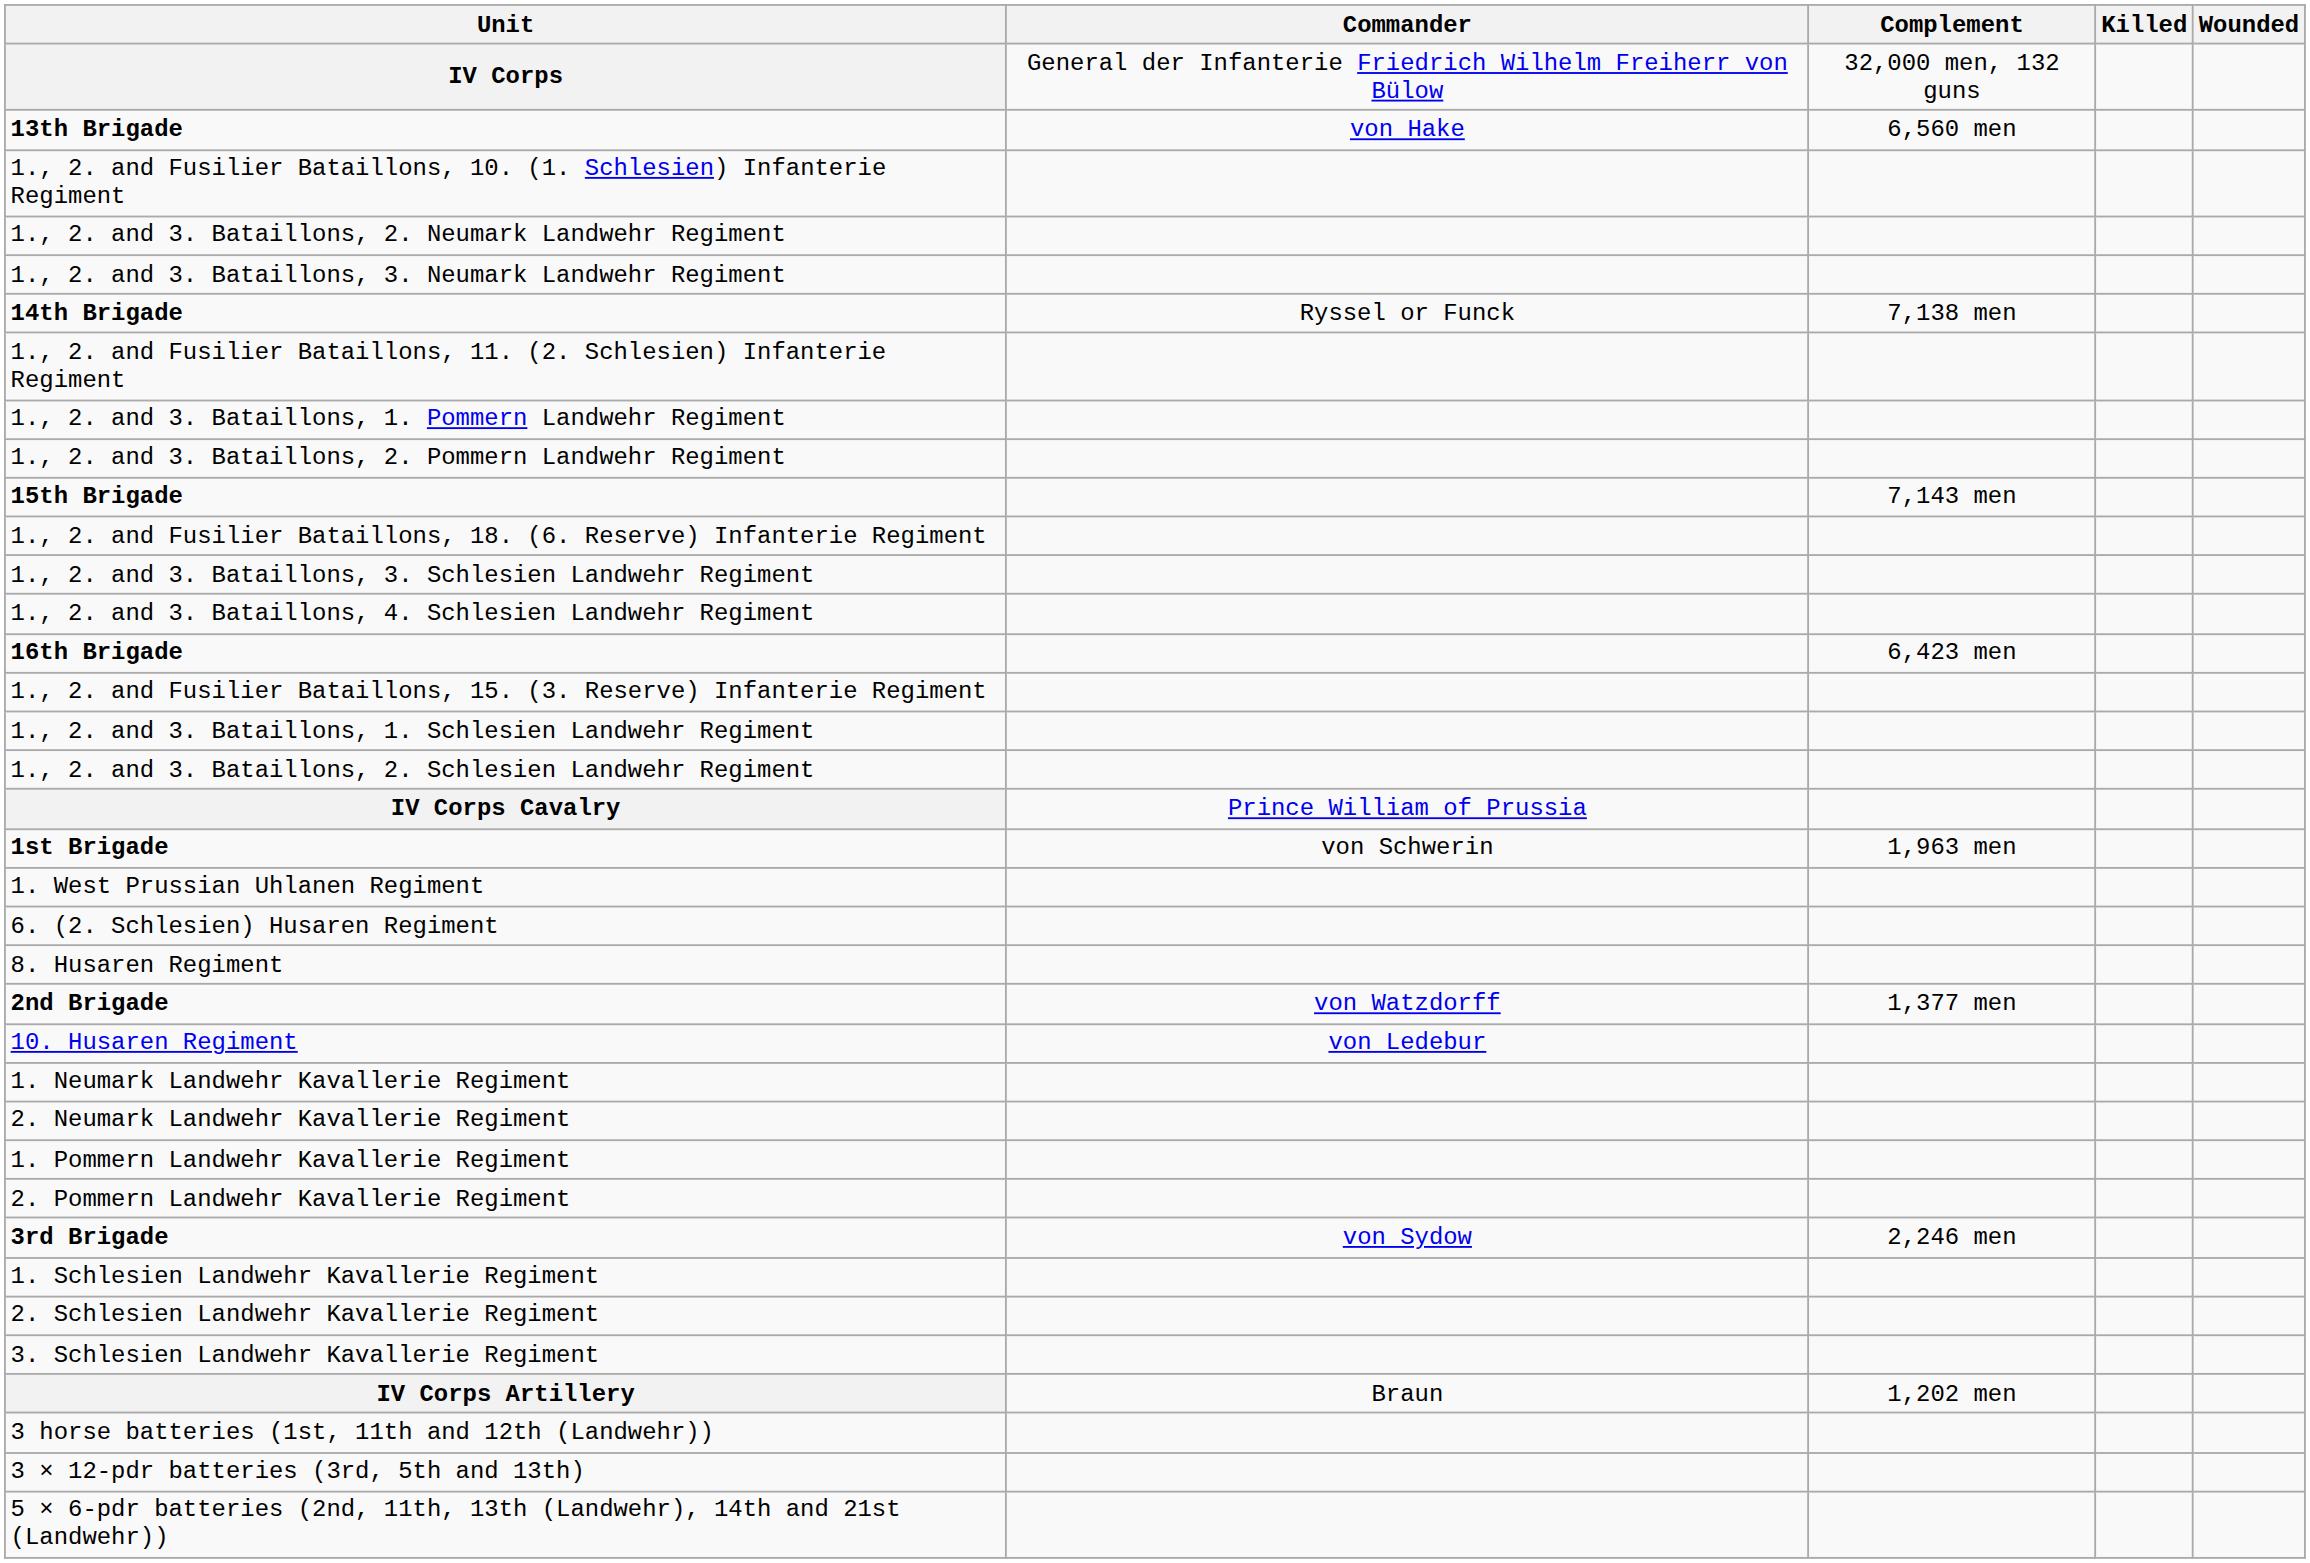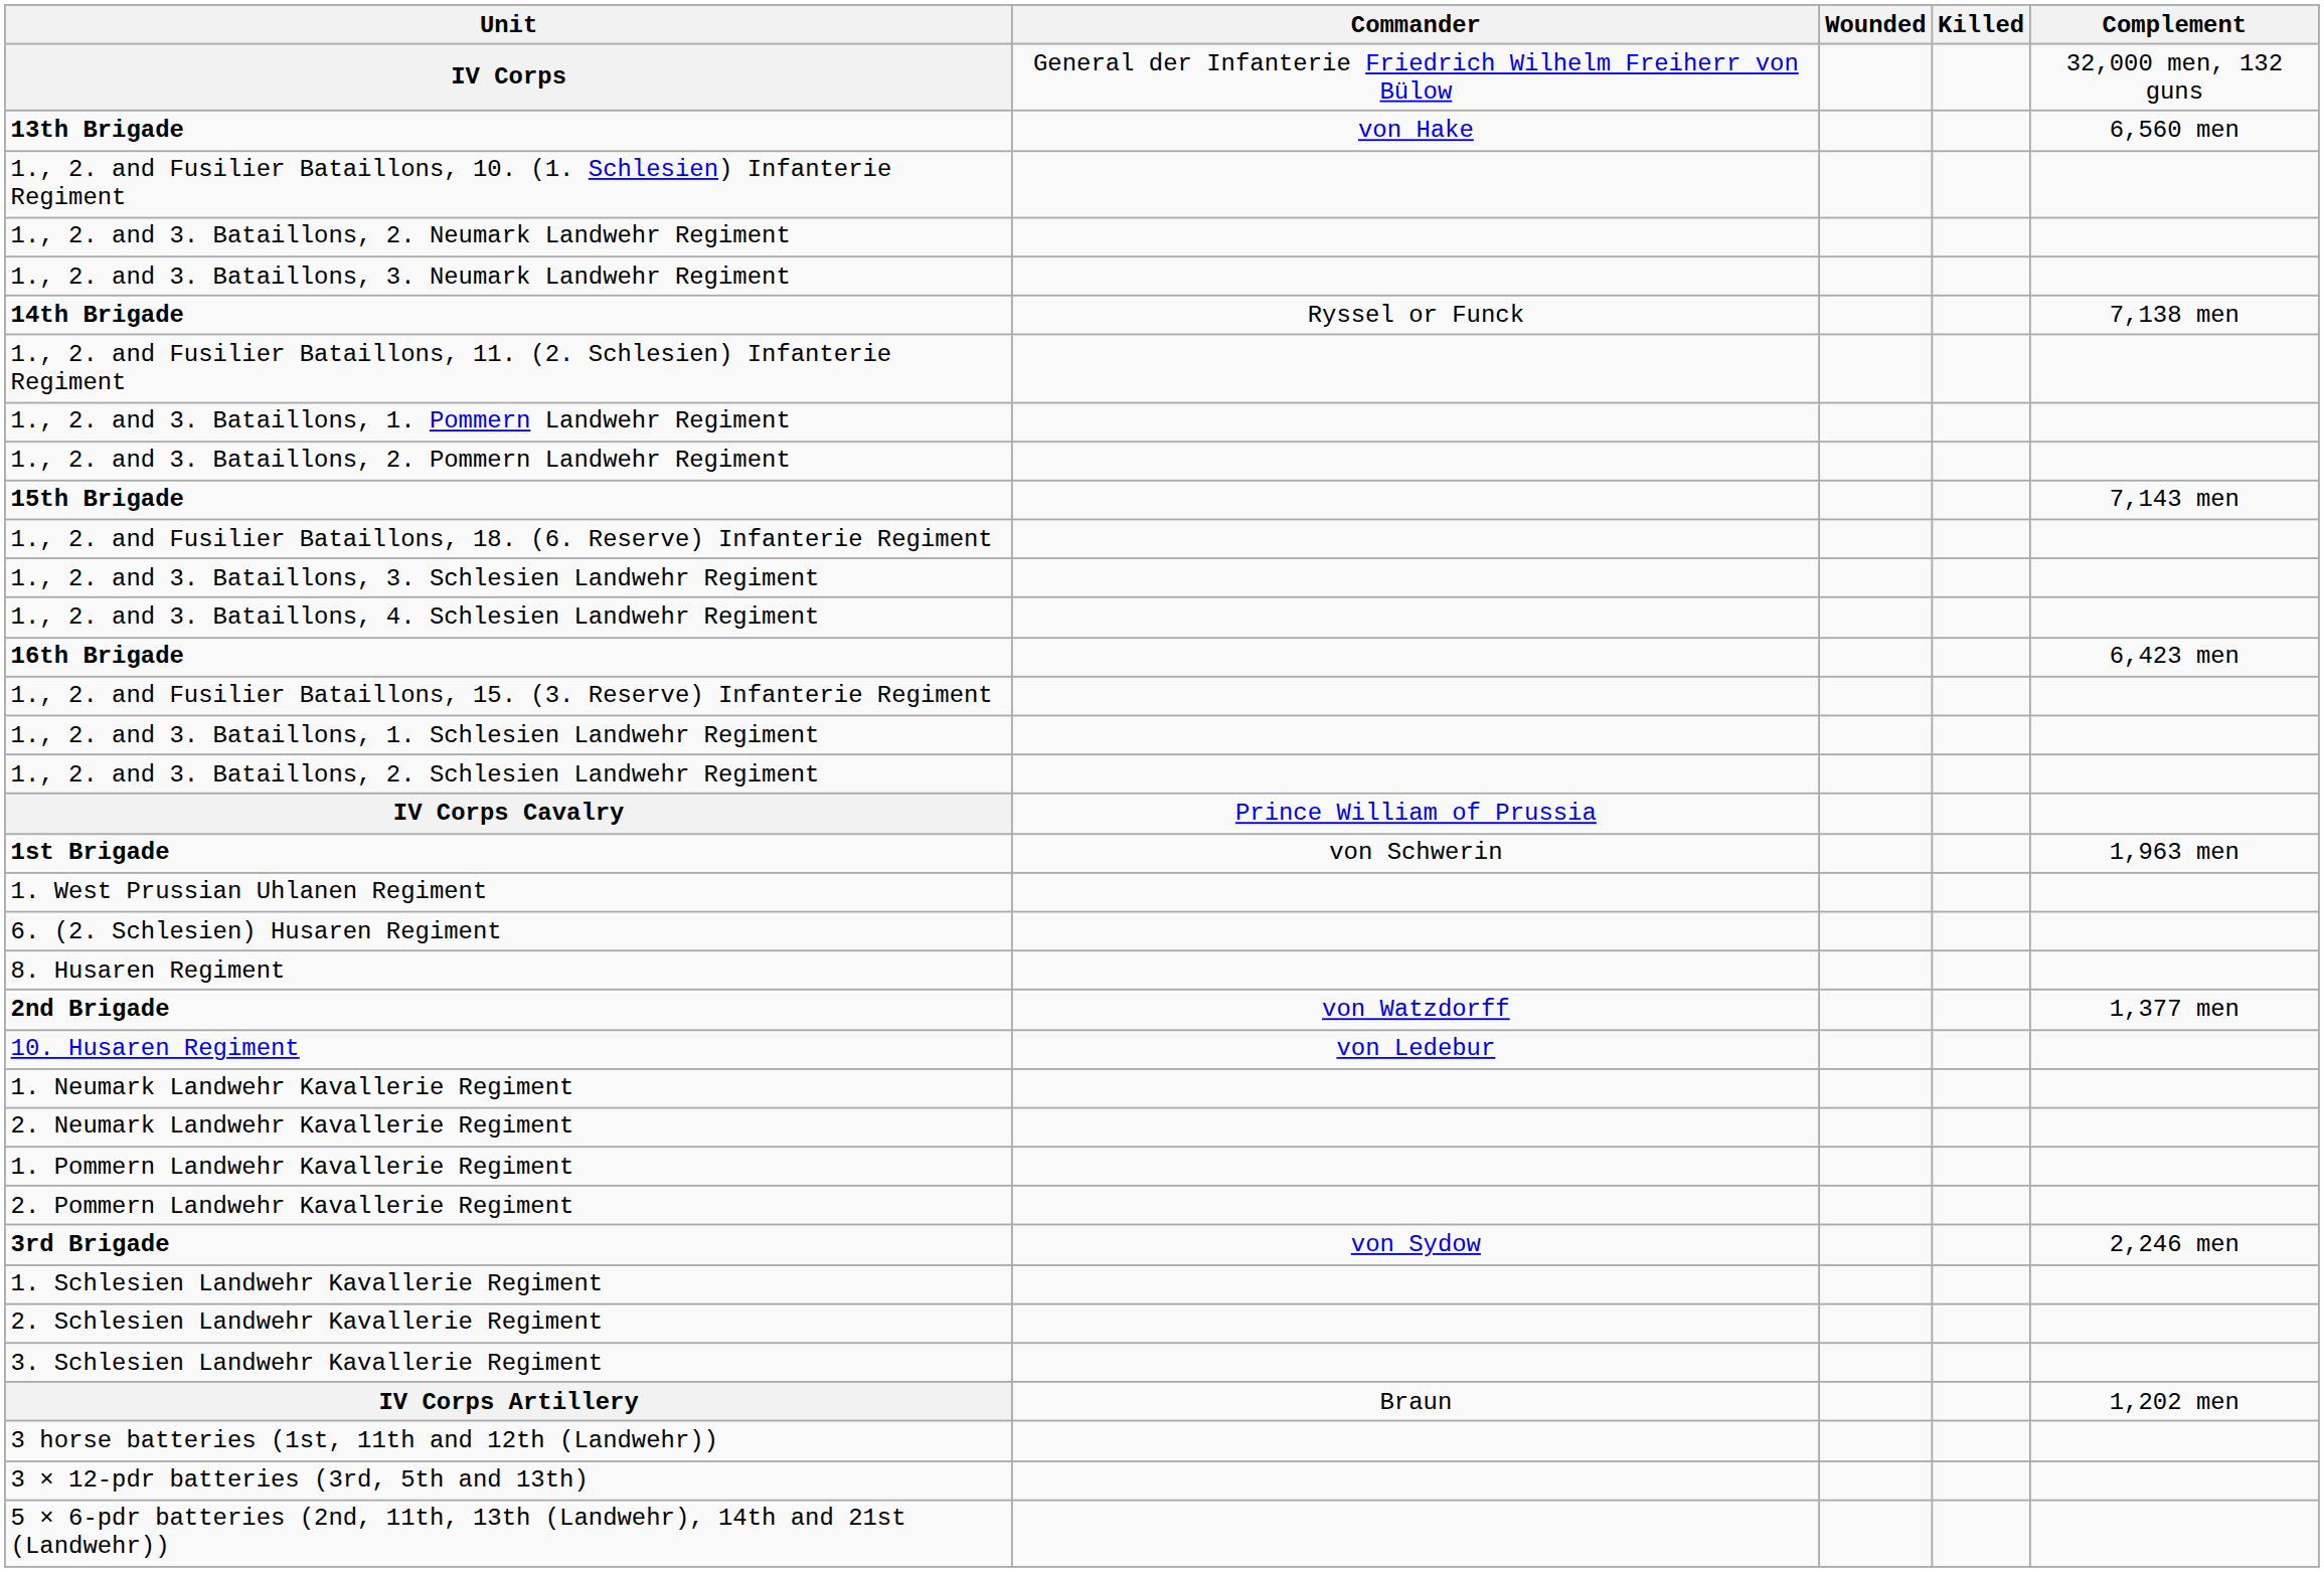 <table class="wikitable">
 <tr>
 <th>Unit</th>
 <th>Commander</th>
+<th>Wounded</th>
+<th>Killed</th>
 <th>Complement</th>
-<th>Killed</th>
-<th>Wounded</th>
 </tr>
 <tr>
 <th colspan="1" bgcolor="#f9f9f9;">IV Corps</th>
 <td align="center">General der Infanterie <a href='#'>Friedrich Wilhelm Freiherr von Bülow</a></td>
-<td align="center">32,000 men, 132 guns</td>
 <td align="center"></td>
 <td align="center"></td>
+<td align="center">32,000 men, 132 guns</td>
 </tr>
 <tr>
 <td><strong>13th Brigade</strong></td>
 <td align="center"><a href='#'>von Hake</a></td>
-<td align="center">6,560 men</td>
 <td align="center"></td>
 <td align="center"></td>
+<td align="center">6,560 men</td>
 </tr>
 <tr>
 <td>1., 2. and Fusilier Bataillons, 10. (1. <a href='#'>Schlesien</a>) Infanterie Regiment</td>
 <td align="center"></td>
 <td align="center"></td>
 <td align="center"></td>
 <td align="center"></td>
 </tr>
 <tr>
 <td>1., 2. and 3. Bataillons, 2. Neumark Landwehr Regiment</td>
 <td align="center"></td>
 <td align="center"></td>
 <td align="center"></td>
 <td align="center"></td>
 </tr>
 <tr>
 <td>1., 2. and 3. Bataillons, 3. Neumark Landwehr Regiment</td>
 <td align="center"></td>
 <td align="center"></td>
 <td align="center"></td>
 <td align="center"></td>
 </tr>
 <tr>
 <td><strong>14th Brigade</strong></td>
 <td align="center">Ryssel or Funck</td>
-<td align="center">7,138 men</td>
 <td align="center"></td>
 <td align="center"></td>
+<td align="center">7,138 men</td>
 </tr>
 <tr>
 <td>1., 2. and Fusilier Bataillons, 11. (2. Schlesien) Infanterie Regiment</td>
 <td align="center"></td>
 <td align="center"></td>
 <td align="center"></td>
 <td align="center"></td>
 </tr>
 <tr>
 <td>1., 2. and 3. Bataillons, 1. <a href='#'>Pommern</a> Landwehr Regiment</td>
 <td align="center"></td>
 <td align="center"></td>
 <td align="center"></td>
 <td align="center"></td>
 </tr>
 <tr>
 <td>1., 2. and 3. Bataillons, 2. Pommern Landwehr Regiment</td>
 <td align="center"></td>
 <td align="center"></td>
 <td align="center"></td>
 <td align="center"></td>
 </tr>
 <tr>
 <td><strong>15th Brigade</strong></td>
 <td align="center"></td>
-<td align="center">7,143 men</td>
 <td align="center"></td>
 <td align="center"></td>
+<td align="center">7,143 men</td>
 </tr>
 <tr>
 <td>1., 2. and Fusilier Bataillons, 18. (6. Reserve) Infanterie Regiment</td>
 <td align="center"></td>
 <td align="center"></td>
 <td align="center"></td>
 <td align="center"></td>
 </tr>
 <tr>
 <td>1., 2. and 3. Bataillons, 3. Schlesien Landwehr Regiment</td>
 <td align="center"></td>
 <td align="center"></td>
 <td align="center"></td>
 <td align="center"></td>
 </tr>
 <tr>
 <td>1., 2. and 3. Bataillons, 4. Schlesien Landwehr Regiment</td>
 <td align="center"></td>
 <td align="center"></td>
 <td align="center"></td>
 <td align="center"></td>
 </tr>
 <tr>
 <td><strong>16th Brigade</strong></td>
 <td align="center"></td>
-<td align="center">6,423 men</td>
 <td align="center"></td>
 <td align="center"></td>
+<td align="center">6,423 men</td>
 </tr>
 <tr>
 <td>1., 2. and Fusilier Bataillons, 15. (3. Reserve) Infanterie Regiment</td>
 <td align="center"></td>
 <td align="center"></td>
 <td align="center"></td>
 <td align="center"></td>
 </tr>
 <tr>
 <td>1., 2. and 3. Bataillons, 1. Schlesien Landwehr Regiment</td>
 <td align="center"></td>
 <td align="center"></td>
 <td align="center"></td>
 <td align="center"></td>
 </tr>
 <tr>
 <td>1., 2. and 3. Bataillons, 2. Schlesien Landwehr Regiment</td>
 <td align="center"></td>
 <td align="center"></td>
 <td align="center"></td>
 <td align="center"></td>
 </tr>
 <tr>
 <th colspan="1" bgcolor="#f9f9f9;">IV Corps Cavalry</th>
 <td align="center"><a href='#'>Prince William of Prussia</a></td>
 <td align="center"></td>
 <td align="center"></td>
 <td align="center"></td>
 </tr>
 <tr>
 <td><strong>1st Brigade</strong></td>
 <td align="center">von Schwerin</td>
-<td align="center">1,963 men</td>
 <td align="center"></td>
 <td align="center"></td>
+<td align="center">1,963 men</td>
 </tr>
 <tr>
 <td>1. West Prussian Uhlanen Regiment</td>
 <td align="center"></td>
 <td align="center"></td>
 <td align="center"></td>
 <td align="center"></td>
 </tr>
 <tr>
 <td>6. (2. Schlesien) Husaren Regiment</td>
 <td align="center"></td>
 <td align="center"></td>
 <td align="center"></td>
 <td align="center"></td>
 </tr>
 <tr>
 <td>8. Husaren Regiment</td>
 <td align="center"></td>
 <td align="center"></td>
 <td align="center"></td>
 <td align="center"></td>
 </tr>
 <tr>
 <td><strong>2nd Brigade</strong></td>
 <td align="center"><a href='#'>von Watzdorff</a></td>
-<td align="center">1,377 men</td>
 <td align="center"></td>
 <td align="center"></td>
+<td align="center">1,377 men</td>
 </tr>
 <tr>
 <td><a href='#'>10. Husaren Regiment</a></td>
 <td align="center"><a href='#'>von Ledebur</a></td>
 <td align="center"></td>
 <td align="center"></td>
 <td align="center"></td>
 </tr>
 <tr>
 <td>1. Neumark Landwehr Kavallerie Regiment</td>
 <td align="center"></td>
 <td align="center"></td>
 <td align="center"></td>
 <td align="center"></td>
 </tr>
 <tr>
 <td>2. Neumark Landwehr Kavallerie Regiment</td>
 <td align="center"></td>
 <td align="center"></td>
 <td align="center"></td>
 <td align="center"></td>
 </tr>
 <tr>
 <td>1. Pommern Landwehr Kavallerie Regiment</td>
 <td align="center"></td>
 <td align="center"></td>
 <td align="center"></td>
 <td align="center"></td>
 </tr>
 <tr>
 <td>2. Pommern Landwehr Kavallerie Regiment</td>
 <td align="center"></td>
 <td align="center"></td>
 <td align="center"></td>
 <td align="center"></td>
 </tr>
 <tr>
 <td><strong>3rd Brigade</strong></td>
 <td align="center"><a href='#'>von Sydow</a></td>
-<td align="center">2,246 men</td>
 <td align="center"></td>
 <td align="center"></td>
+<td align="center">2,246 men</td>
 </tr>
 <tr>
 <td>1. Schlesien Landwehr Kavallerie Regiment</td>
 <td align="center"></td>
 <td align="center"></td>
 <td align="center"></td>
 <td align="center"></td>
 </tr>
 <tr>
 <td>2. Schlesien Landwehr Kavallerie Regiment</td>
 <td align="center"></td>
 <td align="center"></td>
 <td align="center"></td>
 <td align="center"></td>
 </tr>
 <tr>
 <td>3. Schlesien Landwehr Kavallerie Regiment</td>
 <td align="center"></td>
 <td align="center"></td>
 <td align="center"></td>
 <td align="center"></td>
 </tr>
 <tr>
 <th colspan="1" bgcolor="#f9f9f9;">IV Corps Artillery</th>
 <td align="center">Braun</td>
-<td align="center">1,202 men</td>
 <td align="center"></td>
 <td align="center"></td>
+<td align="center">1,202 men</td>
 </tr>
 <tr>
 <td>3 horse batteries (1st, 11th and 12th (Landwehr))</td>
 <td align="center"></td>
 <td align="center"></td>
 <td align="center"></td>
 <td align="center"></td>
 </tr>
 <tr>
 <td>3 × 12-pdr batteries (3rd, 5th and 13th)</td>
 <td align="center"></td>
 <td align="center"></td>
 <td align="center"></td>
 <td align="center"></td>
 </tr>
 <tr>
 <td>5 × 6-pdr batteries (2nd, 11th, 13th (Landwehr), 14th and 21st (Landwehr))</td>
 <td align="center"></td>
 <td align="center"></td>
 <td align="center"></td>
 <td align="center"></td>
 </tr>
 </table>
